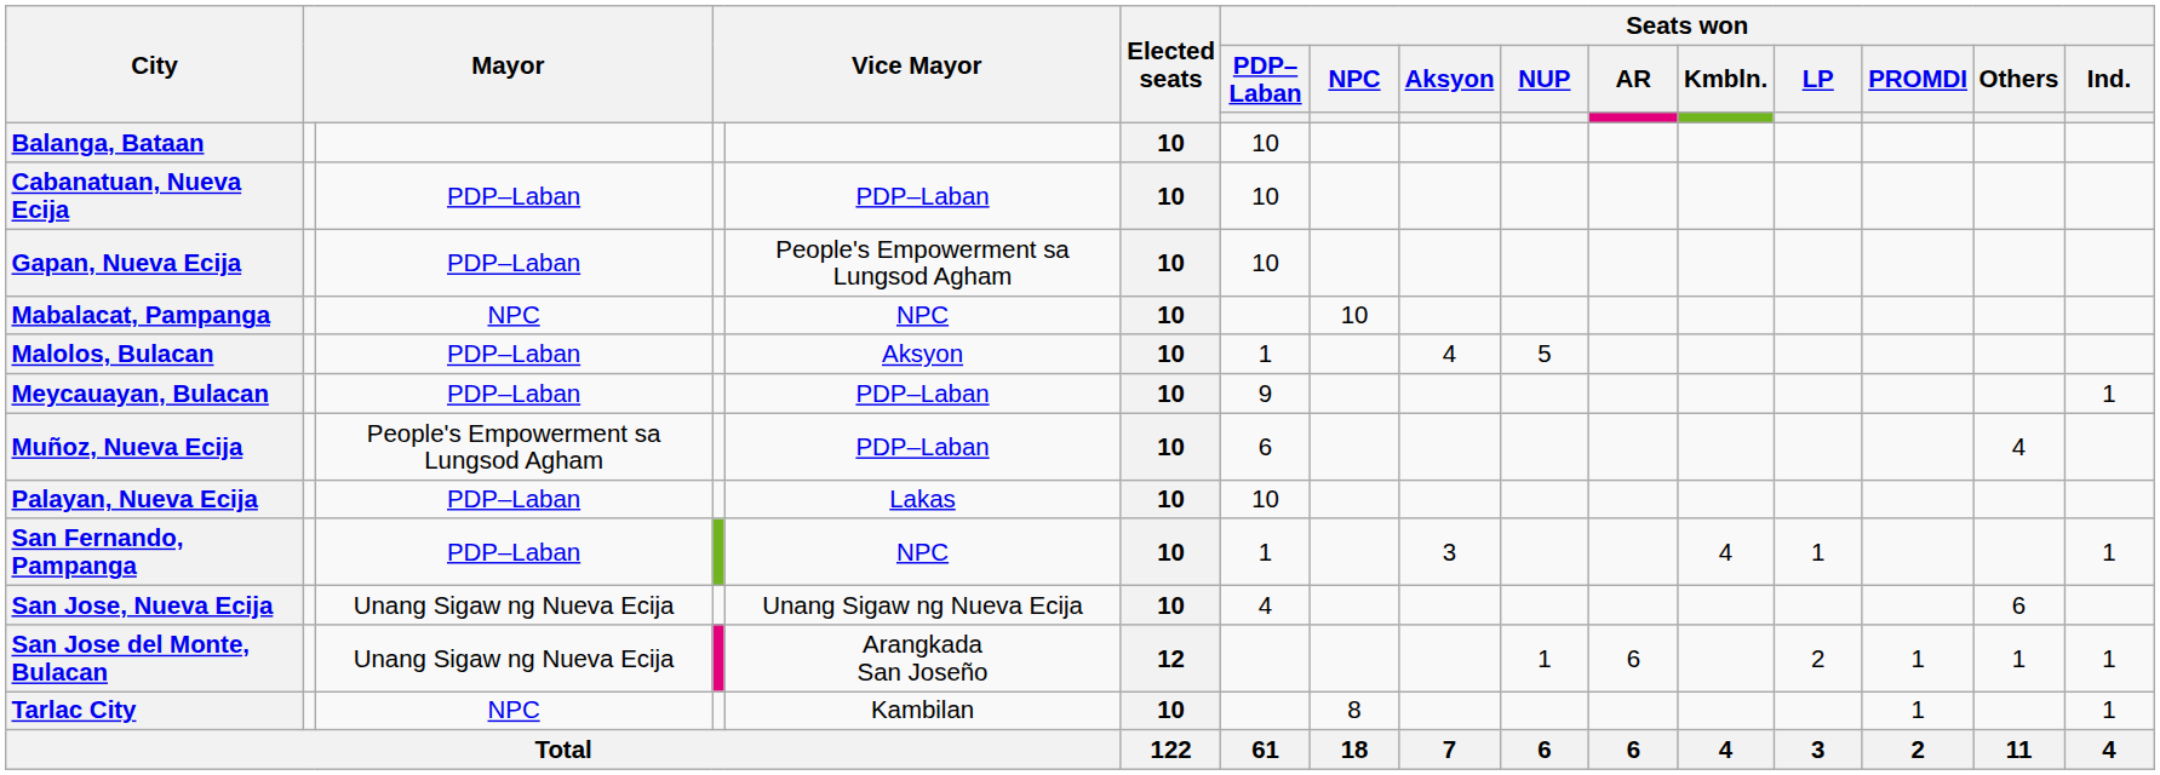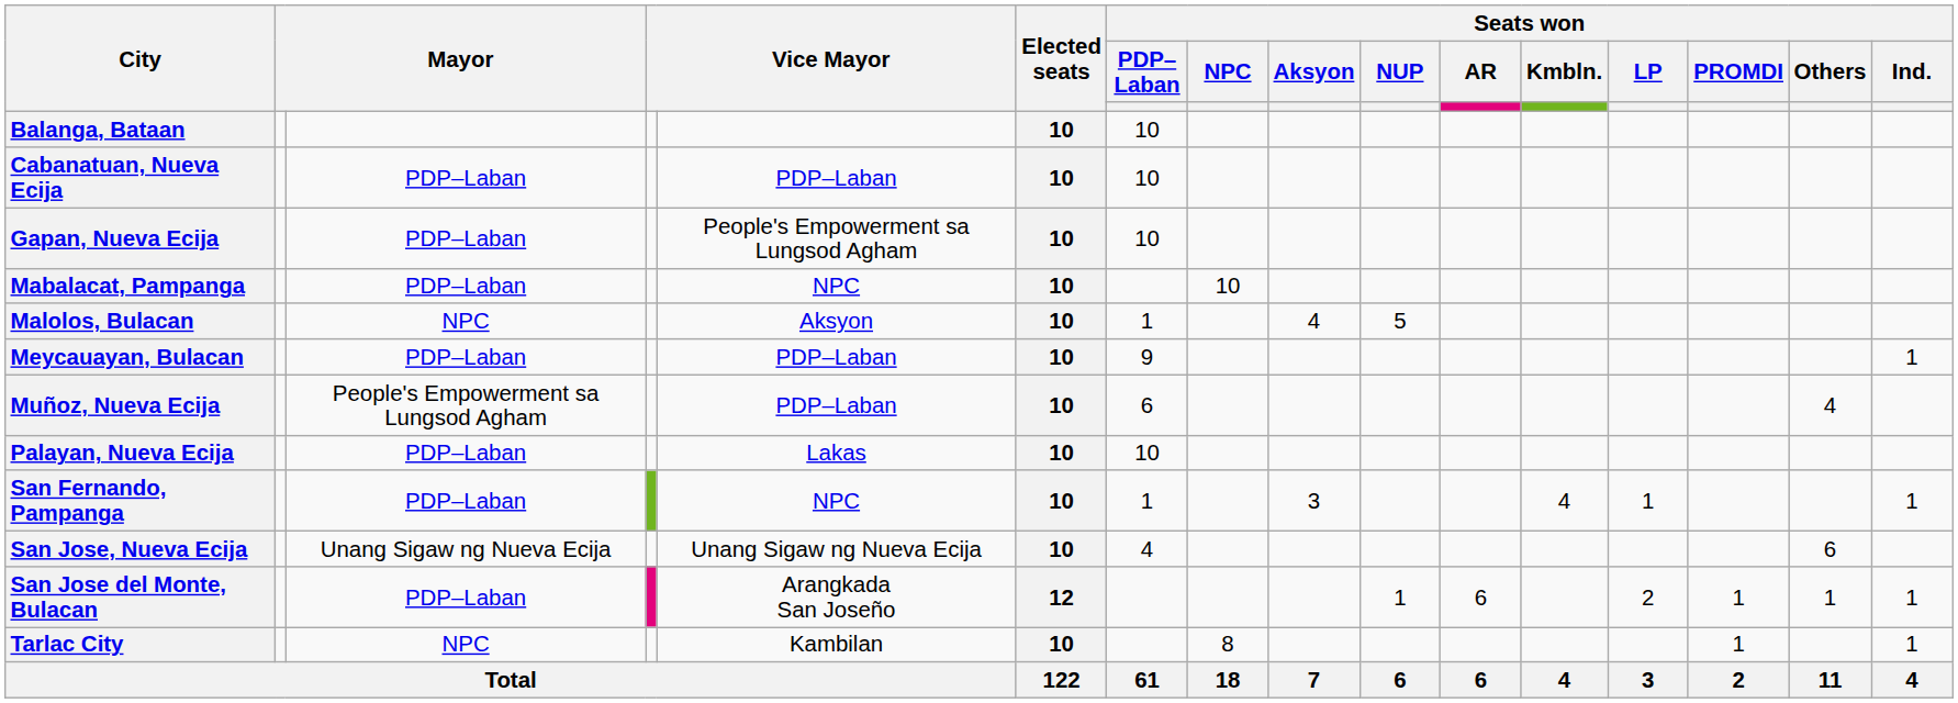 <table class="wikitable" style="text-align:center; font-size: 0.9em;">
 <tr>
 <th rowspan="3">City</th>
 <th colspan="2" rowspan="3" style="width:60px;">Mayor</th>
 <th colspan="2" rowspan="3" style="width:60px;">Vice Mayor</th>
 <th rowspan="3">Elected<br>seats</th>
 <th colspan="10">Seats won</th>
 </tr>
 <tr>
 <th class="unsortable" style="width:45px;"><a href='#'>PDP–Laban</a></th>
 <th class="unsortable" style="width:45px;"><a href='#'>NPC</a></th>
 <th class="unsortable" style="width:45px;"><a href='#'>Aksyon</a></th>
 <th class="unsortable" style="width:45px;"><a href='#'>NUP</a></th>
 <th class="unsortable" style="width:45px;">AR</th>
 <th class="unsortable" style="width:45px;">Kmbln.</th>
 <th class="unsortable" style="width:45px;"><a href='#'>LP</a></th>
 <th class="unsortable" style="width:45px;"><a href='#'>PROMDI</a></th>
 <th class="unsortable" style="width:45px;">Others</th>
 <th class="unsortable" style="width:45px;">Ind.</th>
 </tr>
 <tr>
 <th style="color:inherit;background:"></th>
 <th style="color:inherit;background:"></th>
 <th style="color:inherit;background:"></th>
 <th style="color:inherit;background:"></th>
 <th style="color:inherit;background:#e3027c;"></th>
 <th style="color:inherit;background:#70b51e;"></th>
 <th style="color:inherit;background:"></th>
 <th style="color:inherit;background:"></th>
 <th></th>
 <th style="color:inherit;background:"></th>
 </tr>
 <tr>
 <th style="text-align: left;"><a href='#'>Balanga, Bataan</a></th>
 <td style="color:inherit;background:"></td>
 <td></td>
 <td style="color:inherit;background:"></td>
 <td></td>
 <th>10</th>
 <td>10</td>
 <td></td>
 <td></td>
 <td></td>
 <td></td>
 <td></td>
 <td></td>
 <td></td>
 <td></td>
 <td></td>
 </tr>
 <tr>
 <th style="text-align: left;"><a href='#'>Cabanatuan, Nueva Ecija</a></th>
 <td style="color:inherit;background:"></td>
 <td><a href='#'>PDP–Laban</a></td>
 <td style="color:inherit;background:"></td>
 <td><a href='#'>PDP–Laban</a></td>
 <th>10</th>
 <td>10</td>
 <td></td>
 <td></td>
 <td></td>
 <td></td>
 <td></td>
 <td></td>
 <td></td>
 <td></td>
 <td></td>
 </tr>
 <tr>
 <th style="text-align: left;"><a href='#'>Gapan, Nueva Ecija</a></th>
 <td style="color:inherit;background:"></td>
 <td><a href='#'>PDP–Laban</a></td>
 <td style="color:inherit;background:"></td>
 <td>People's Empowerment sa Lungsod Agham</td>
 <th>10</th>
 <td>10</td>
 <td></td>
 <td></td>
 <td></td>
 <td></td>
 <td></td>
 <td></td>
 <td></td>
 <td></td>
 <td></td>
 </tr>
 <tr>
 <th style="text-align: left;"><a href='#'>Mabalacat, Pampanga</a></th>
 <td style="color:inherit;background:"></td>
-<td><a href='#'>NPC</a></td>
+<td><a href='#'>PDP–Laban</a></td>
 <td style="color:inherit;background:"></td>
 <td><a href='#'>NPC</a></td>
 <th>10</th>
 <td></td>
 <td>10</td>
 <td></td>
 <td></td>
 <td></td>
 <td></td>
 <td></td>
 <td></td>
 <td></td>
 <td></td>
 </tr>
 <tr>
 <th style="text-align: left;"><a href='#'>Malolos, Bulacan</a></th>
 <td style="color:inherit;background:"></td>
-<td><a href='#'>PDP–Laban</a></td>
+<td><a href='#'>NPC</a></td>
 <td style="color:inherit;background:"></td>
 <td><a href='#'>Aksyon</a></td>
 <th>10</th>
 <td>1</td>
 <td></td>
 <td>4</td>
 <td>5</td>
 <td></td>
 <td></td>
 <td></td>
 <td></td>
 <td></td>
 <td></td>
 </tr>
 <tr>
 <th style="text-align: left;"><a href='#'>Meycauayan, Bulacan</a></th>
 <td style="color:inherit;background:"></td>
 <td><a href='#'>PDP–Laban</a></td>
 <td style="color:inherit;background:"></td>
 <td><a href='#'>PDP–Laban</a></td>
 <th>10</th>
 <td>9</td>
 <td></td>
 <td></td>
 <td></td>
 <td></td>
 <td></td>
 <td></td>
 <td></td>
 <td></td>
 <td>1</td>
 </tr>
 <tr>
 <th style="text-align: left;"><a href='#'>Muñoz, Nueva Ecija</a></th>
 <td style="color:inherit;background:"></td>
 <td>People's Empowerment sa Lungsod Agham</td>
 <td style="color:inherit;background:"></td>
 <td><a href='#'>PDP–Laban</a></td>
 <th>10</th>
 <td>6</td>
 <td></td>
 <td></td>
 <td></td>
 <td></td>
 <td></td>
 <td></td>
 <td></td>
 <td>4<em></em></td>
 <td></td>
 </tr>
 <tr>
 <th style="text-align: left;"><a href='#'>Palayan, Nueva Ecija</a></th>
 <td style="color:inherit;background:"></td>
 <td><a href='#'>PDP–Laban</a></td>
 <td style="color:inherit;background:"></td>
 <td><a href='#'>Lakas</a></td>
 <th>10</th>
 <td>10</td>
 <td></td>
 <td></td>
 <td></td>
 <td></td>
 <td></td>
 <td></td>
 <td></td>
 <td></td>
 <td></td>
 </tr>
 <tr>
 <th style="text-align: left;"><a href='#'>San Fernando, Pampanga</a></th>
 <td style="color:inherit;background:"></td>
 <td><a href='#'>PDP–Laban</a></td>
 <td style="color:inherit;background:#70b51e"></td>
 <td><a href='#'>NPC</a></td>
 <th>10</th>
 <td>1</td>
 <td></td>
 <td>3</td>
 <td></td>
 <td></td>
 <td>4</td>
 <td>1</td>
 <td></td>
 <td></td>
 <td>1</td>
 </tr>
 <tr>
 <th style="text-align: left;"><a href='#'>San Jose, Nueva Ecija</a></th>
 <td style="color:inherit;background:"></td>
 <td>Unang Sigaw ng Nueva Ecija</td>
 <td style="color:inherit;background:"></td>
 <td>Unang Sigaw ng Nueva Ecija</td>
 <th>10</th>
 <td>4</td>
 <td></td>
 <td></td>
 <td></td>
 <td></td>
 <td></td>
 <td></td>
 <td></td>
 <td>6<em></em></td>
 <td></td>
 </tr>
 <tr>
 <th style="text-align: left;"><a href='#'>San Jose del Monte, Bulacan</a></th>
 <td style="color:inherit;background:"></td>
-<td>Unang Sigaw ng Nueva Ecija</td>
+<td><a href='#'>PDP–Laban</a></td>
 <td style="color:inherit;background:#e3027c"></td>
 <td>Arangkada<br>San Joseño</td>
 <th>12</th>
 <td></td>
 <td></td>
 <td></td>
 <td>1</td>
 <td>6</td>
 <td></td>
 <td>2</td>
 <td>1</td>
 <td>1<em></em></td>
 <td>1</td>
 </tr>
 <tr>
 <th style="text-align: left;"><a href='#'>Tarlac City</a></th>
 <td style="color:inherit;background:"></td>
 <td><a href='#'>NPC</a></td>
 <td style="color:inherit;background:"></td>
 <td>Kambilan</td>
 <th>10</th>
 <td></td>
 <td>8</td>
 <td></td>
 <td></td>
 <td></td>
 <td></td>
 <td></td>
 <td>1</td>
 <td></td>
 <td>1</td>
 </tr>
 <tr>
 <th colspan="5">Total</th>
 <th>122</th>
 <th>61</th>
 <th>18</th>
 <th>7</th>
 <th>6</th>
 <th>6</th>
 <th>4</th>
 <th>3</th>
 <th>2</th>
 <th>11</th>
 <th>4</th>
 </tr>
 </table>
